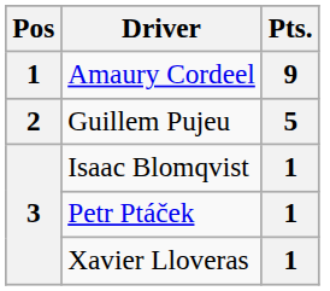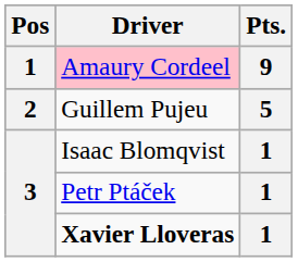 <table class="wikitable" style="font-size: 85%">
 <tr>
 <th>Pos</th>
 <th>Driver</th>
 <th>Pts.</th>
 </tr>
 <tr>
 <th>1</th>
-<td> <a href='#'>Amaury Cordeel</a></td>
+<td style="background: pink;"> <a href='#'>Amaury Cordeel</a></td>
 <th>9</th>
 </tr>
 <tr>
 <th>2</th>
 <td> Guillem Pujeu</td>
 <th>5</th>
 </tr>
 <tr>
 <th rowspan=3>3</th>
 <td> Isaac Blomqvist</td>
 <th>1</th>
 </tr>
 <tr>
 <td> <a href='#'>Petr Ptáček</a></td>
 <th>1</th>
 </tr>
 <tr>
-<td> Xavier Lloveras</td>
+<td><strong> Xavier Lloveras</strong></td>
 <th>1</th>
 </tr>
 </table>
